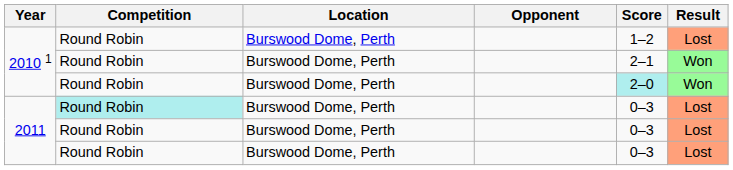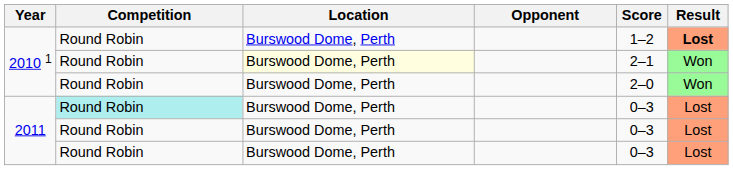 <table class="wikitable">
 <tr>
 <th width="50">Year</th>
 <th width="200">Competition</th>
 <th width="250">Location</th>
 <th width="150">Opponent</th>
 <th width="50">Score</th>
 <th width="60">Result</th>
 </tr>
 <tr>
 <td align="center" rowspan="3"><a href='#'>2010</a> <sup>1</sup></td>
 <td>Round Robin</td>
 <td><a href='#'>Burswood Dome</a>, <a href='#'>Perth</a></td>
 <td></td>
 <td align="center">1–2</td>
-<td align="center" bgcolor="#FFA07A">Lost</td>
+<td align="center" bgcolor="#FFA07A"><strong>Lost</strong></td>
 </tr>
 <tr>
 <td>Round Robin</td>
-<td>Burswood Dome, Perth</td>
+<td style="background: lightyellow;">Burswood Dome, Perth</td>
 <td></td>
 <td align="center">2–1</td>
 <td align="center" bgcolor="#98FB98">Won</td>
 </tr>
 <tr>
 <td>Round Robin</td>
 <td>Burswood Dome, Perth</td>
 <td></td>
-<td align="center" style="background: paleturquoise;">2–0</td>
+<td align="center">2–0</td>
 <td align="center" bgcolor="#98FB98">Won</td>
 </tr>
 <tr>
 <td align="center" rowspan="3"><a href='#'>2011</a></td>
 <td style="background: paleturquoise;">Round Robin</td>
 <td>Burswood Dome, Perth</td>
 <td></td>
 <td align="center">0–3</td>
 <td align="center" bgcolor="#FFA07A">Lost</td>
 </tr>
 <tr>
 <td>Round Robin</td>
 <td>Burswood Dome, Perth</td>
 <td></td>
 <td align="center">0–3</td>
 <td align="center" bgcolor="#FFA07A">Lost</td>
 </tr>
 <tr>
 <td>Round Robin</td>
 <td>Burswood Dome, Perth</td>
 <td></td>
 <td align="center">0–3</td>
 <td align="center" bgcolor="#FFA07A">Lost</td>
 </tr>
 </table>
